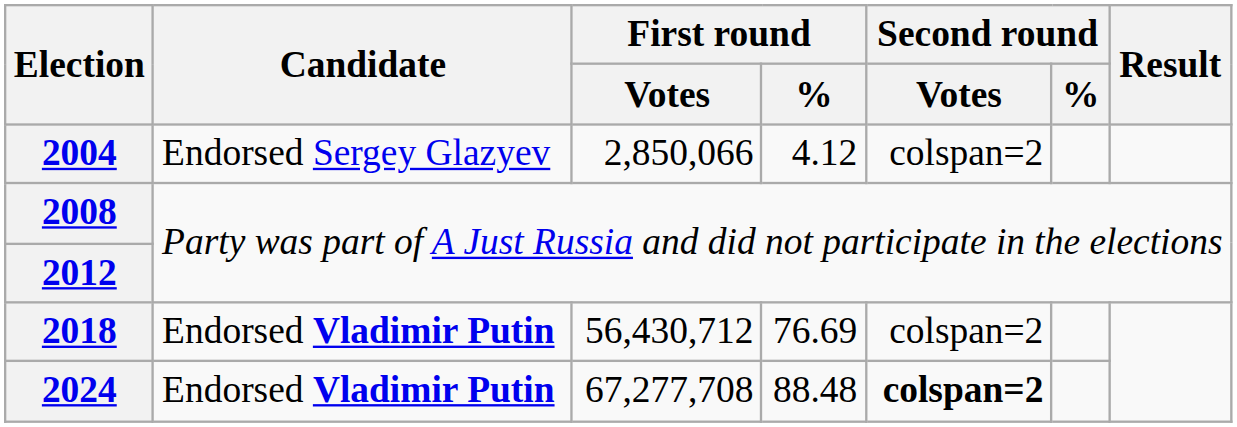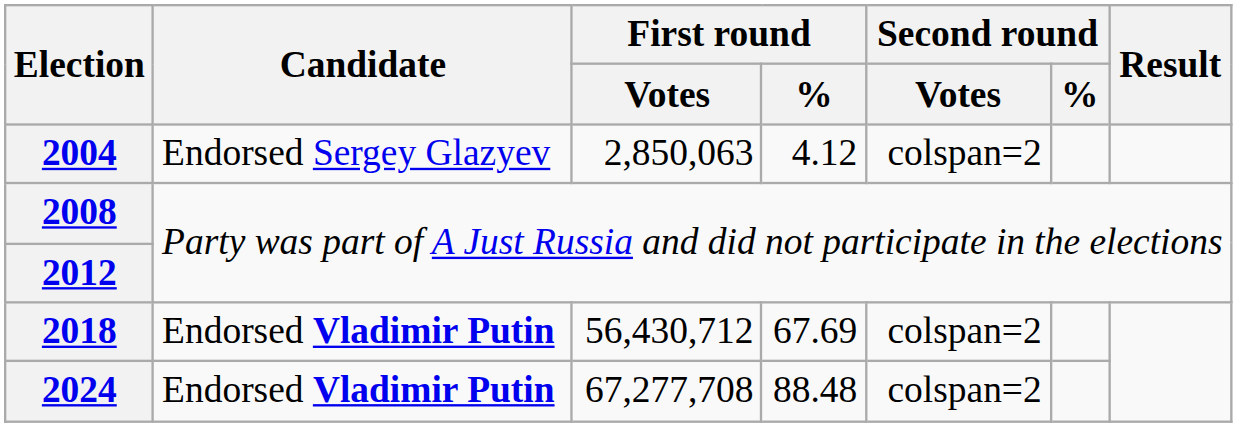 <table class=wikitable style=text-align:right>
 <tr>
 <th rowspan="2">Election</th>
 <th rowspan="2">Candidate</th>
 <th colspan="2" scope="col">First round</th>
 <th colspan="2">Second round</th>
 <th rowspan="2">Result</th>
 </tr>
 <tr>
 <th>Votes</th>
 <th>%</th>
 <th>Votes</th>
 <th>%</th>
 </tr>
 <tr>
 <th><a href='#'>2004</a></th>
 <td align=left>Endorsed <a href='#'>Sergey Glazyev</a></td>
-<td>2,850,066</td>
+<td>2,850,063</td>
 <td>4.12</td>
 <td>colspan=2 </td>
 <td></td>
 </tr>
 <tr>
 <th><a href='#'>2008</a></th>
 <td rowspan=2 colspan=6 align=center><em>Party was part of <a href='#'>A Just Russia</a> and did not participate in the elections</em></td>
 </tr>
 <tr>
 <th><a href='#'>2012</a></th>
 </tr>
 <tr>
 <th><a href='#'>2018</a></th>
 <td align=left>Endorsed <strong><a href='#'>Vladimir Putin</a></strong></td>
 <td>56,430,712</td>
-<td>76.69</td>
+<td>67.69</td>
 <td>colspan=2 </td>
 <td></td>
 </tr>
 <tr>
 <th><a href='#'>2024</a></th>
 <td align=left>Endorsed <strong><a href='#'>Vladimir Putin</a></strong></td>
 <td>67,277,708</td>
 <td>88.48</td>
-<td><strong>colspan=2 </strong></td>
+<td>colspan=2 </td>
 <td></td>
 </tr>
 </table>
